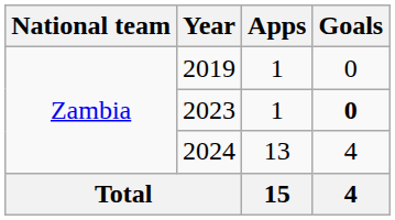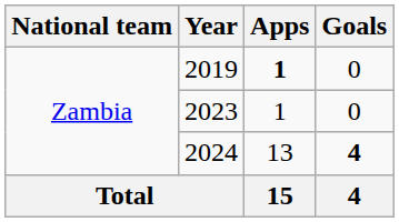 <table class="wikitable" style="text-align: center;">
 <tr>
 <th>National team</th>
 <th>Year</th>
 <th>Apps</th>
 <th>Goals</th>
 </tr>
 <tr>
 <td rowspan="3"><a href='#'>Zambia</a></td>
 <td>2019</td>
-<td>1</td>
+<td><strong>1</strong></td>
 <td>0</td>
 </tr>
 <tr>
 <td>2023</td>
 <td>1</td>
-<td><strong>0</strong></td>
+<td>0</td>
 </tr>
 <tr>
 <td>2024</td>
 <td>13</td>
-<td>4</td>
+<td><strong>4</strong></td>
 </tr>
 <tr>
 <th colspan="2">Total</th>
 <th>15</th>
 <th>4</th>
 </tr>
 </table>
